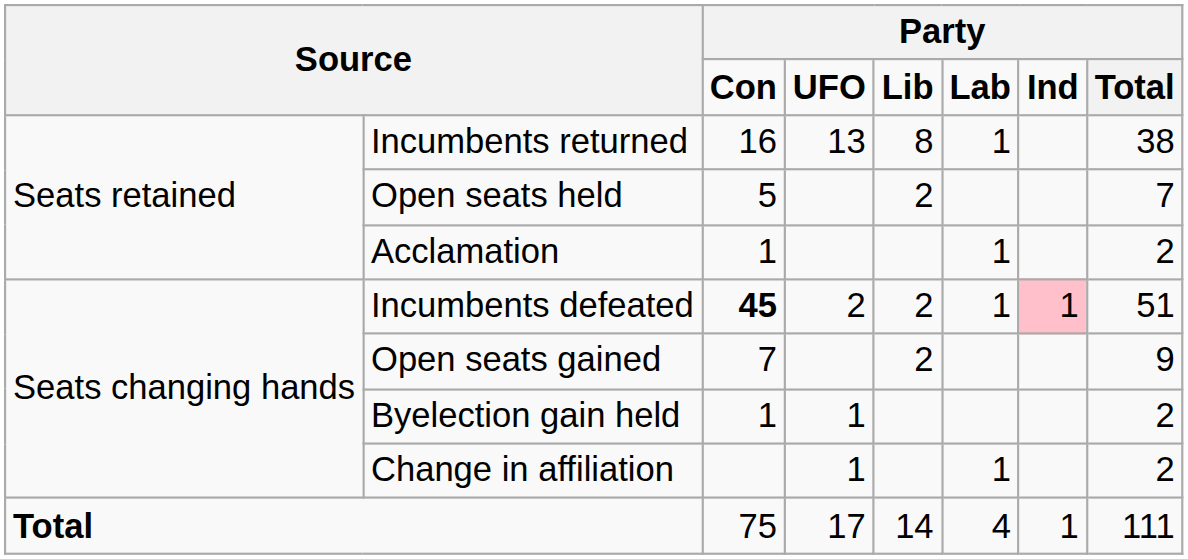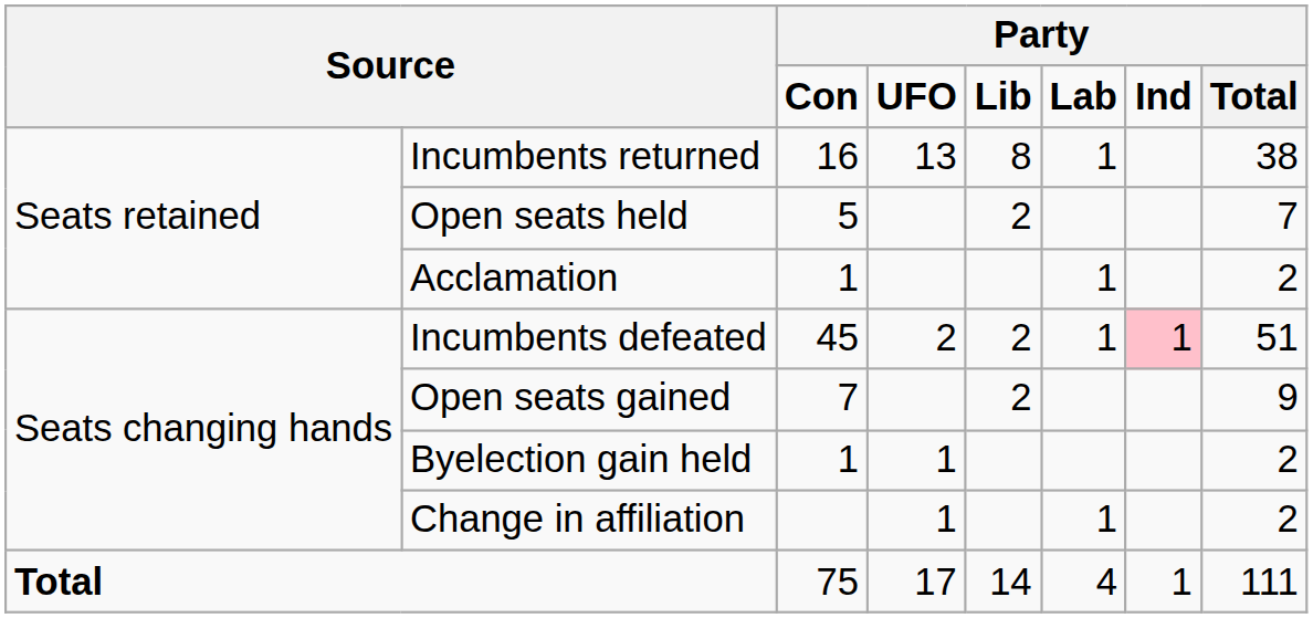 <table class="wikitable" style="text-align:right;">
 <tr>
 <th colspan="2" rowspan="2">Source</th>
 <th colspan="9">Party</th>
 </tr>
 <tr>
 <td><strong>Con</strong></td>
 <td><strong>UFO</strong></td>
 <td><strong>Lib</strong></td>
 <td><strong>Lab</strong></td>
 <td><strong>Ind</strong></td>
 <th>Total</th>
 </tr>
 <tr>
 <td rowspan="3" style="text-align:left;">Seats retained</td>
 <td style="text-align:left;">Incumbents returned</td>
 <td>16</td>
 <td>13</td>
 <td>8</td>
 <td>1</td>
 <td></td>
 <td>38</td>
 </tr>
 <tr>
 <td style="text-align:left;">Open seats held</td>
 <td>5</td>
 <td></td>
 <td>2</td>
 <td></td>
 <td></td>
 <td>7</td>
 </tr>
 <tr>
 <td style="text-align:left;">Acclamation</td>
 <td>1</td>
 <td></td>
 <td></td>
 <td>1</td>
 <td></td>
 <td>2</td>
 </tr>
 <tr>
 <td rowspan="4" style="text-align:left;">Seats changing hands</td>
 <td style="text-align:left;">Incumbents defeated</td>
-<td><strong>45</strong></td>
+<td>45</td>
 <td>2</td>
 <td>2</td>
 <td>1</td>
 <td style="background: pink;">1</td>
 <td>51</td>
 </tr>
 <tr>
 <td style="text-align:left;">Open seats gained</td>
 <td>7</td>
 <td></td>
 <td>2</td>
 <td></td>
 <td></td>
 <td>9</td>
 </tr>
 <tr>
 <td style="text-align:left;">Byelection gain held</td>
 <td>1</td>
 <td>1</td>
 <td></td>
 <td></td>
 <td></td>
 <td>2</td>
 </tr>
 <tr>
 <td style="text-align:left;">Change in affiliation</td>
 <td></td>
 <td>1</td>
 <td></td>
 <td>1</td>
 <td></td>
 <td>2</td>
 </tr>
 <tr>
 <td colspan="2" style="text-align:left;"><strong>Total</strong></td>
 <td>75</td>
 <td>17</td>
 <td>14</td>
 <td>4</td>
 <td>1</td>
 <td>111</td>
 </tr>
 </table>
